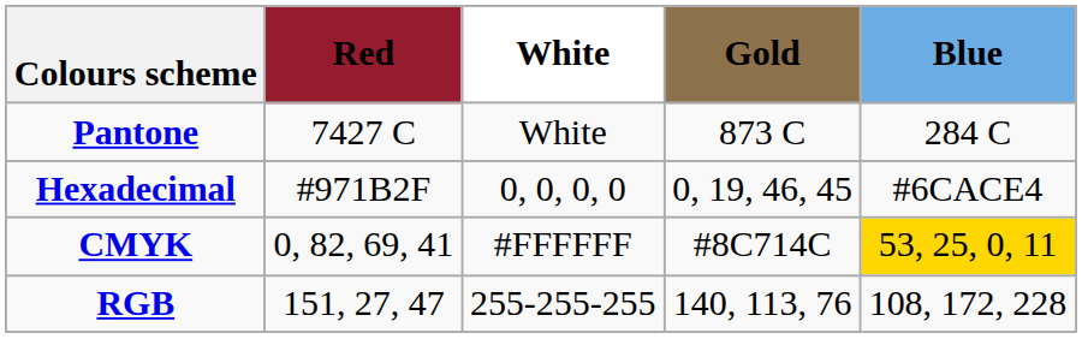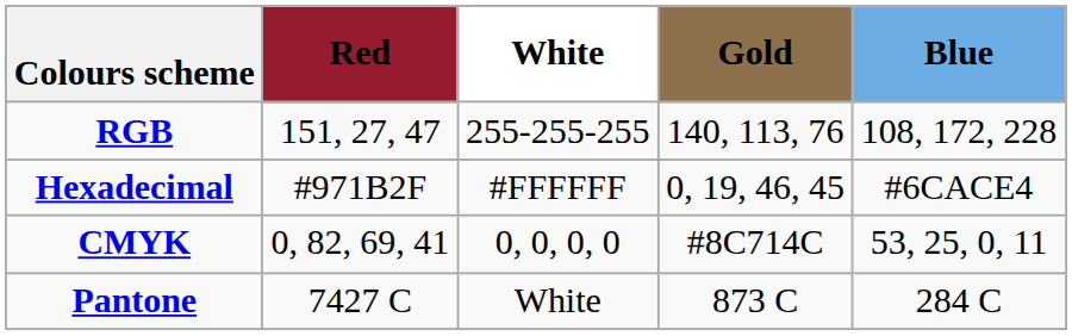 <table class="wikitable" style="text-align:center;">
 <tr>
 <th><br>Colours scheme</th>
 <th style="background-color:#971b2f"><span>Red</span></th>
 <th style="background-color:#ffffff">White</th>
 <th style="background-color:#8c714c"><span>Gold</span></th>
 <th style="background-color:#6cace4"><span>Blue</span></th>
 </tr>
 <tr>
+<td><strong><a href='#'>RGB</a></strong></td>
+<td>151, 27, 47</td>
+<td>255-255-255</td>
+<td>140, 113, 76</td>
+<td>108, 172, 228</td>
+</tr>
+<tr>
+<td><strong><a href='#'>Hexadecimal</a></strong></td>
+<td>#971B2F</td>
+<td>#FFFFFF</td>
+<td>0, 19, 46, 45</td>
+<td>#6CACE4</td>
+</tr>
+<tr>
+<td><strong><a href='#'>CMYK</a></strong></td>
+<td>0, 82, 69, 41</td>
+<td>0, 0, 0, 0</td>
+<td>#8C714C</td>
+<td>53, 25, 0, 11</td>
+</tr>
+<tr>
 <td><strong><a href='#'>Pantone</a></strong></td>
 <td>7427 C</td>
 <td>White</td>
 <td>873 C</td>
 <td>284 C</td>
 </tr>
-<tr>
-<td><strong><a href='#'>Hexadecimal</a></strong></td>
-<td>#971B2F</td>
-<td>0, 0, 0, 0</td>
-<td>0, 19, 46, 45</td>
-<td>#6CACE4</td>
-</tr>
-<tr>
-<td><strong><a href='#'>CMYK</a></strong></td>
-<td>0, 82, 69, 41</td>
-<td>#FFFFFF</td>
-<td>#8C714C</td>
-<td style="background: gold;">53, 25, 0, 11</td>
-</tr>
-<tr>
-<td><strong><a href='#'>RGB</a></strong></td>
-<td>151, 27, 47</td>
-<td>255-255-255</td>
-<td>140, 113, 76</td>
-<td>108, 172, 228</td>
-</tr>
 </table>
